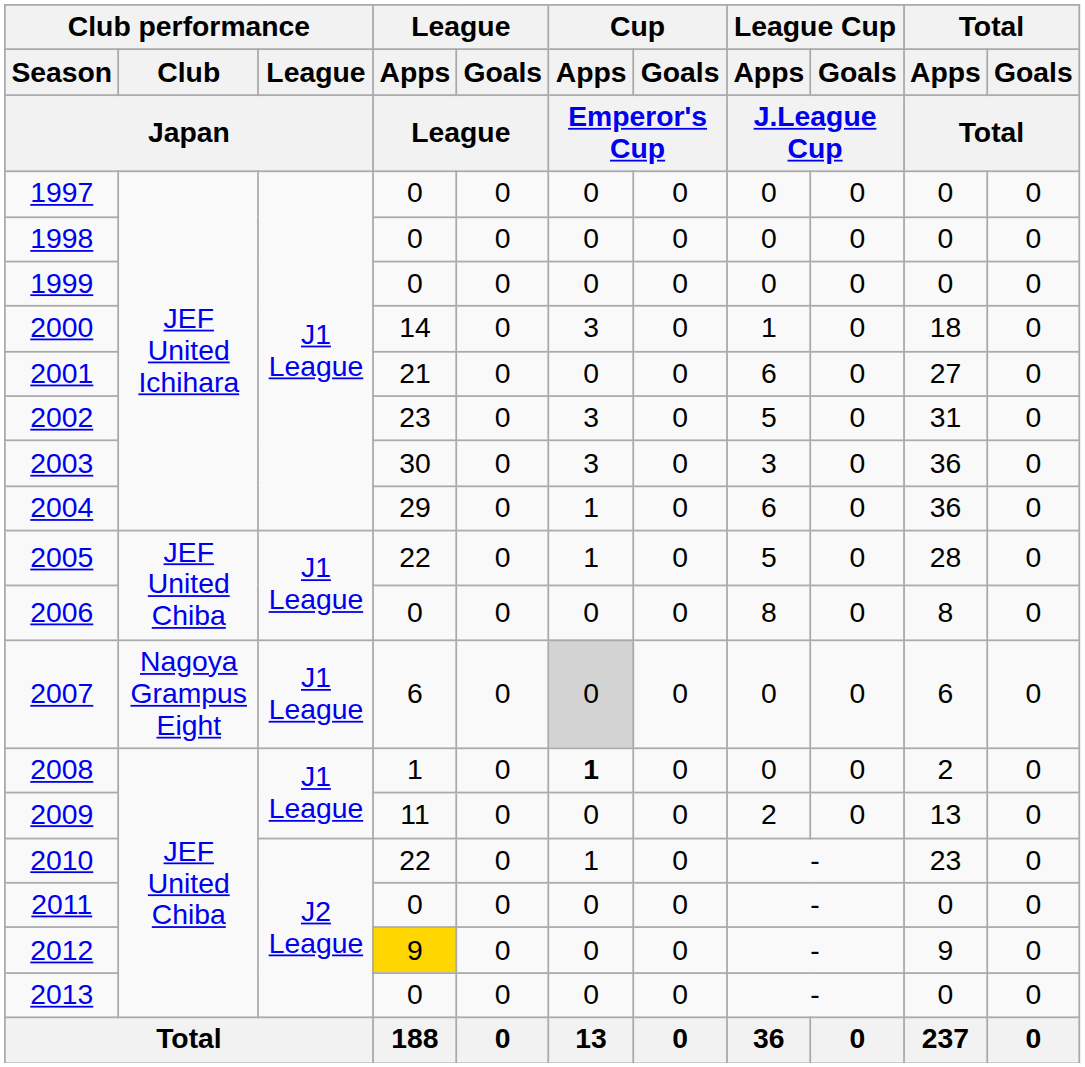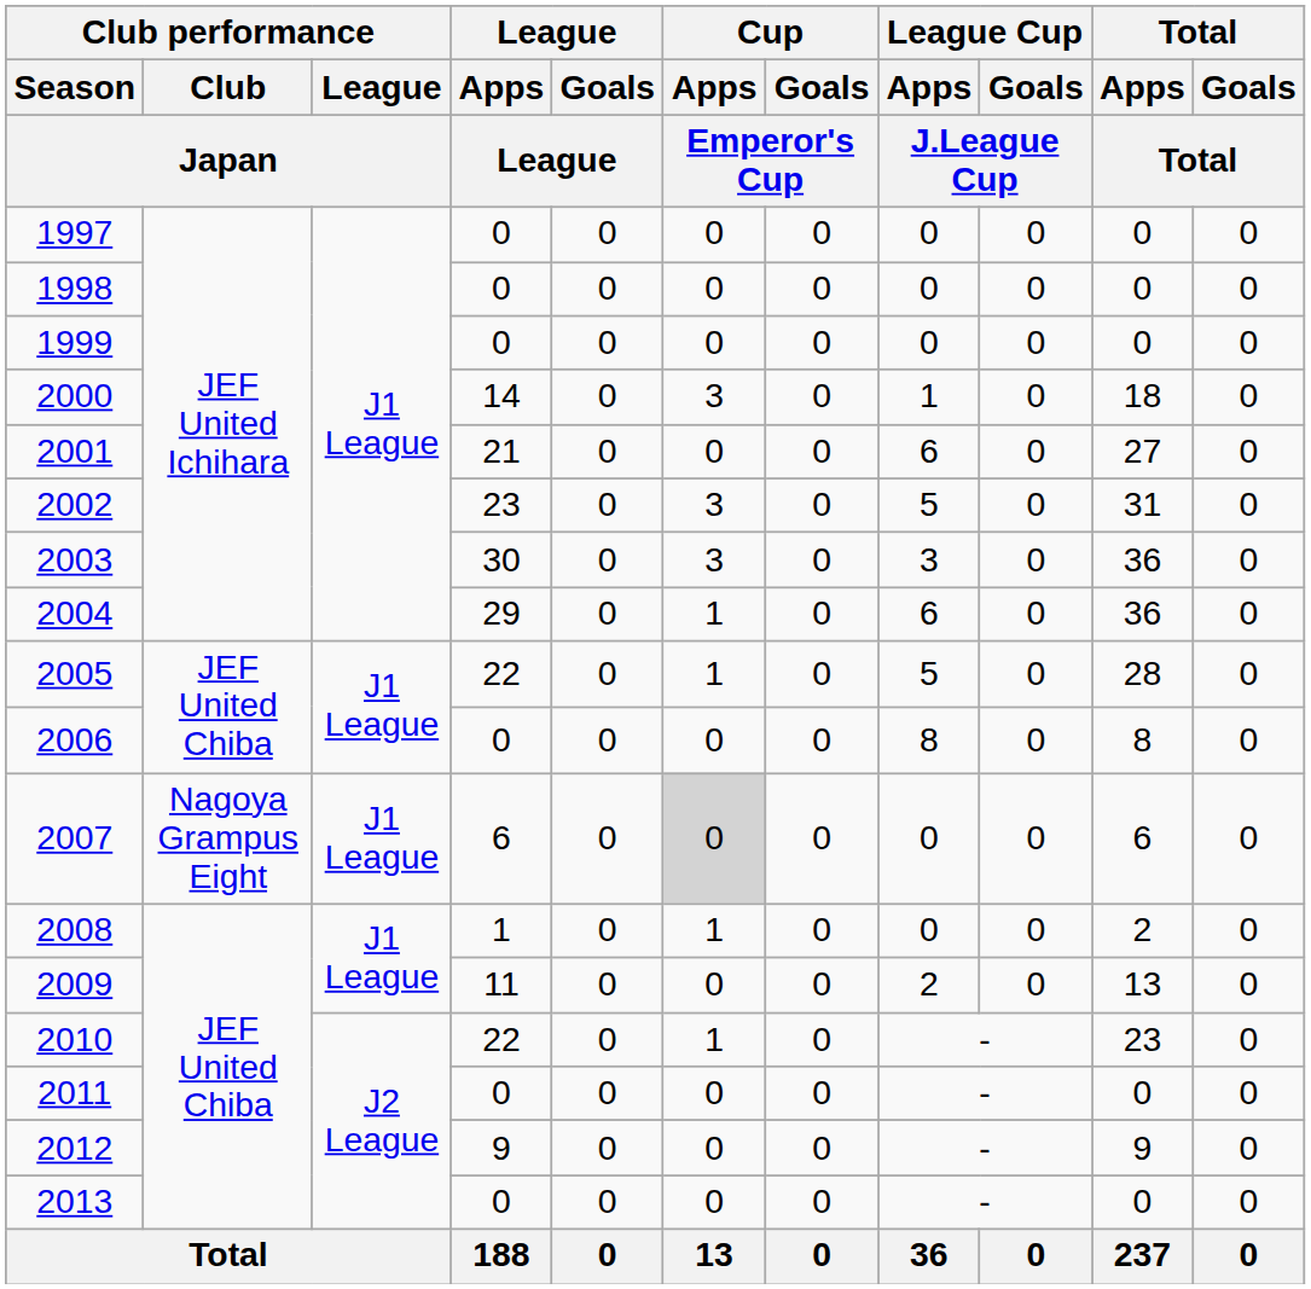 <table class="wikitable" style="text-align:center;">
 <tr>
 <th colspan=3>Club performance</th>
 <th colspan=2>League</th>
 <th colspan=2>Cup</th>
 <th colspan=2>League Cup</th>
 <th colspan=2>Total</th>
 </tr>
 <tr>
 <th>Season</th>
 <th>Club</th>
 <th>League</th>
 <th>Apps</th>
 <th>Goals</th>
 <th>Apps</th>
 <th>Goals</th>
 <th>Apps</th>
 <th>Goals</th>
 <th>Apps</th>
 <th>Goals</th>
 </tr>
 <tr>
 <th colspan=3>Japan</th>
 <th colspan=2>League</th>
 <th colspan=2><a href='#'>Emperor's Cup</a></th>
 <th colspan=2><a href='#'>J.League Cup</a></th>
 <th colspan=2>Total</th>
 </tr>
 <tr>
 <td><a href='#'>1997</a></td>
 <td rowspan="8"><a href='#'>JEF United Ichihara</a></td>
 <td rowspan="8"><a href='#'>J1 League</a></td>
 <td>0</td>
 <td>0</td>
 <td>0</td>
 <td>0</td>
 <td>0</td>
 <td>0</td>
 <td>0</td>
 <td>0</td>
 </tr>
 <tr>
 <td><a href='#'>1998</a></td>
 <td>0</td>
 <td>0</td>
 <td>0</td>
 <td>0</td>
 <td>0</td>
 <td>0</td>
 <td>0</td>
 <td>0</td>
 </tr>
 <tr>
 <td><a href='#'>1999</a></td>
 <td>0</td>
 <td>0</td>
 <td>0</td>
 <td>0</td>
 <td>0</td>
 <td>0</td>
 <td>0</td>
 <td>0</td>
 </tr>
 <tr>
 <td><a href='#'>2000</a></td>
 <td>14</td>
 <td>0</td>
 <td>3</td>
 <td>0</td>
 <td>1</td>
 <td>0</td>
 <td>18</td>
 <td>0</td>
 </tr>
 <tr>
 <td><a href='#'>2001</a></td>
 <td>21</td>
 <td>0</td>
 <td>0</td>
 <td>0</td>
 <td>6</td>
 <td>0</td>
 <td>27</td>
 <td>0</td>
 </tr>
 <tr>
 <td><a href='#'>2002</a></td>
 <td>23</td>
 <td>0</td>
 <td>3</td>
 <td>0</td>
 <td>5</td>
 <td>0</td>
 <td>31</td>
 <td>0</td>
 </tr>
 <tr>
 <td><a href='#'>2003</a></td>
 <td>30</td>
 <td>0</td>
 <td>3</td>
 <td>0</td>
 <td>3</td>
 <td>0</td>
 <td>36</td>
 <td>0</td>
 </tr>
 <tr>
 <td><a href='#'>2004</a></td>
 <td>29</td>
 <td>0</td>
 <td>1</td>
 <td>0</td>
 <td>6</td>
 <td>0</td>
 <td>36</td>
 <td>0</td>
 </tr>
 <tr>
 <td><a href='#'>2005</a></td>
 <td rowspan="2"><a href='#'>JEF United Chiba</a></td>
 <td rowspan="2"><a href='#'>J1 League</a></td>
 <td>22</td>
 <td>0</td>
 <td>1</td>
 <td>0</td>
 <td>5</td>
 <td>0</td>
 <td>28</td>
 <td>0</td>
 </tr>
 <tr>
 <td><a href='#'>2006</a></td>
 <td>0</td>
 <td>0</td>
 <td>0</td>
 <td>0</td>
 <td>8</td>
 <td>0</td>
 <td>8</td>
 <td>0</td>
 </tr>
 <tr>
 <td><a href='#'>2007</a></td>
 <td><a href='#'>Nagoya Grampus Eight</a></td>
 <td><a href='#'>J1 League</a></td>
 <td>6</td>
 <td>0</td>
 <td style="background: lightgrey;">0</td>
 <td>0</td>
 <td>0</td>
 <td>0</td>
 <td>6</td>
 <td>0</td>
 </tr>
 <tr>
 <td><a href='#'>2008</a></td>
 <td rowspan="6"><a href='#'>JEF United Chiba</a></td>
 <td rowspan="2"><a href='#'>J1 League</a></td>
 <td>1</td>
 <td>0</td>
-<td><strong>1</strong></td>
+<td>1</td>
 <td>0</td>
 <td>0</td>
 <td>0</td>
 <td>2</td>
 <td>0</td>
 </tr>
 <tr>
 <td><a href='#'>2009</a></td>
 <td>11</td>
 <td>0</td>
 <td>0</td>
 <td>0</td>
 <td>2</td>
 <td>0</td>
 <td>13</td>
 <td>0</td>
 </tr>
 <tr>
 <td><a href='#'>2010</a></td>
 <td rowspan="4"><a href='#'>J2 League</a></td>
 <td>22</td>
 <td>0</td>
 <td>1</td>
 <td>0</td>
 <td colspan="2">-</td>
 <td>23</td>
 <td>0</td>
 </tr>
 <tr>
 <td><a href='#'>2011</a></td>
 <td>0</td>
 <td>0</td>
 <td>0</td>
 <td>0</td>
 <td colspan="2">-</td>
 <td>0</td>
 <td>0</td>
 </tr>
 <tr>
 <td><a href='#'>2012</a></td>
-<td style="background: gold;">9</td>
+<td>9</td>
 <td>0</td>
 <td>0</td>
 <td>0</td>
 <td colspan="2">-</td>
 <td>9</td>
 <td>0</td>
 </tr>
 <tr>
 <td><a href='#'>2013</a></td>
 <td>0</td>
 <td>0</td>
 <td>0</td>
 <td>0</td>
 <td colspan="2">-</td>
 <td>0</td>
 <td>0</td>
 </tr>
 <tr>
 <th colspan=3>Total</th>
 <th>188</th>
 <th>0</th>
 <th>13</th>
 <th>0</th>
 <th>36</th>
 <th>0</th>
 <th>237</th>
 <th>0</th>
 </tr>
 </table>
